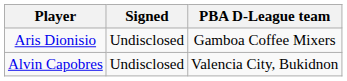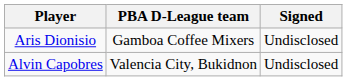 <table class="wikitable sortable sortable">
 <tr>
 <th>Player</th>
+<th>PBA D-League team</th>
 <th>Signed</th>
-<th>PBA D-League team</th>
 </tr>
 <tr style="text-align: center">
 <td><a href='#'>Aris Dionisio</a></td>
+<td>Gamboa Coffee Mixers</td>
 <td>Undisclosed</td>
-<td>Gamboa Coffee Mixers</td>
 </tr>
 <tr style="text-align: center">
 <td><a href='#'>Alvin Capobres</a></td>
+<td>Valencia City, Bukidnon</td>
 <td>Undisclosed</td>
-<td>Valencia City, Bukidnon</td>
 </tr>
 </table>
